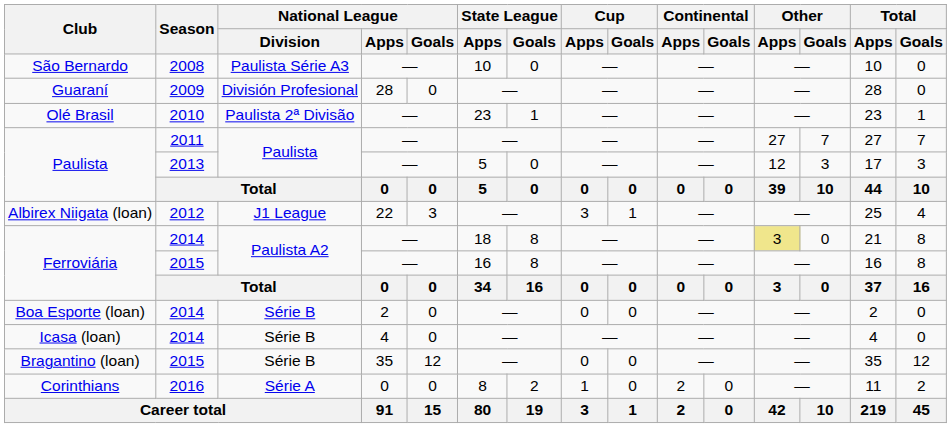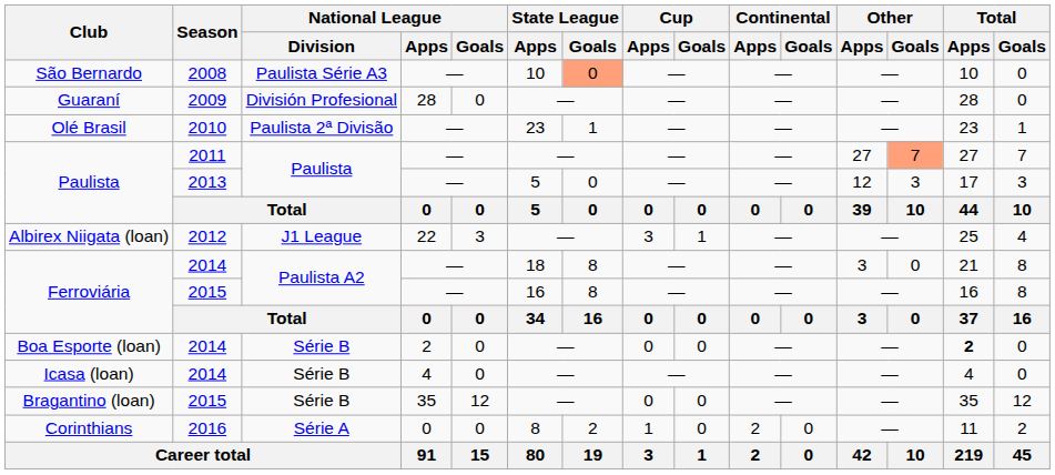 <table class="wikitable" style="text-align: center;">
 <tr>
 <th rowspan="2">Club</th>
 <th rowspan="2">Season</th>
 <th colspan="3">National League</th>
 <th colspan="2">State League</th>
 <th colspan="2">Cup</th>
 <th colspan="2">Continental</th>
 <th colspan="2">Other</th>
 <th colspan="2">Total</th>
 </tr>
 <tr>
 <th>Division</th>
 <th>Apps</th>
 <th>Goals</th>
 <th>Apps</th>
 <th>Goals</th>
 <th>Apps</th>
 <th>Goals</th>
 <th>Apps</th>
 <th>Goals</th>
 <th>Apps</th>
 <th>Goals</th>
 <th>Apps</th>
 <th>Goals</th>
 </tr>
 <tr>
 <td><a href='#'>São Bernardo</a></td>
 <td><a href='#'>2008</a></td>
 <td><a href='#'>Paulista Série A3</a></td>
 <td colspan="2">—</td>
 <td>10</td>
-<td>0</td>
+<td style="background: lightsalmon;">0</td>
 <td colspan="2">—</td>
 <td colspan="2">—</td>
 <td colspan="2">—</td>
 <td>10</td>
 <td>0</td>
 </tr>
 <tr>
 <td><a href='#'>Guaraní</a></td>
 <td><a href='#'>2009</a></td>
 <td><a href='#'>División Profesional</a></td>
 <td>28</td>
 <td>0</td>
 <td colspan="2">—</td>
 <td colspan="2">—</td>
 <td colspan="2">—</td>
 <td colspan="2">—</td>
 <td>28</td>
 <td>0</td>
 </tr>
 <tr>
 <td><a href='#'>Olé Brasil</a></td>
 <td><a href='#'>2010</a></td>
 <td><a href='#'>Paulista 2ª Divisão</a></td>
 <td colspan="2">—</td>
 <td>23</td>
 <td>1</td>
 <td colspan="2">—</td>
 <td colspan="2">—</td>
 <td colspan="2">—</td>
 <td>23</td>
 <td>1</td>
 </tr>
 <tr>
 <td rowspan="3"><a href='#'>Paulista</a></td>
 <td><a href='#'>2011</a></td>
 <td rowspan="2"><a href='#'>Paulista</a></td>
 <td colspan="2">—</td>
 <td colspan="2">—</td>
 <td colspan="2">—</td>
 <td colspan="2">—</td>
 <td>27</td>
-<td>7</td>
+<td style="background: lightsalmon;">7</td>
 <td>27</td>
 <td>7</td>
 </tr>
 <tr>
 <td><a href='#'>2013</a></td>
 <td colspan="2">—</td>
 <td>5</td>
 <td>0</td>
 <td colspan="2">—</td>
 <td colspan="2">—</td>
 <td>12</td>
 <td>3</td>
 <td>17</td>
 <td>3</td>
 </tr>
 <tr>
 <th colspan="2">Total</th>
 <th>0</th>
 <th>0</th>
 <th>5</th>
 <th>0</th>
 <th>0</th>
 <th>0</th>
 <th>0</th>
 <th>0</th>
 <th>39</th>
 <th>10</th>
 <th>44</th>
 <th>10</th>
 </tr>
 <tr>
 <td><a href='#'>Albirex Niigata</a> (loan)</td>
 <td><a href='#'>2012</a></td>
 <td><a href='#'>J1 League</a></td>
 <td>22</td>
 <td>3</td>
 <td colspan="2">—</td>
 <td>3</td>
 <td>1</td>
 <td colspan="2">—</td>
 <td colspan="2">—</td>
 <td>25</td>
 <td>4</td>
 </tr>
 <tr>
 <td rowspan="3"><a href='#'>Ferroviária</a></td>
 <td><a href='#'>2014</a></td>
 <td rowspan="2"><a href='#'>Paulista A2</a></td>
 <td colspan="2">—</td>
 <td>18</td>
 <td>8</td>
 <td colspan="2">—</td>
 <td colspan="2">—</td>
-<td style="background: khaki;">3</td>
+<td>3</td>
 <td>0</td>
 <td>21</td>
 <td>8</td>
 </tr>
 <tr>
 <td><a href='#'>2015</a></td>
 <td colspan="2">—</td>
 <td>16</td>
 <td>8</td>
 <td colspan="2">—</td>
 <td colspan="2">—</td>
 <td colspan="2">—</td>
 <td>16</td>
 <td>8</td>
 </tr>
 <tr>
 <th colspan="2">Total</th>
 <th>0</th>
 <th>0</th>
 <th>34</th>
 <th>16</th>
 <th>0</th>
 <th>0</th>
 <th>0</th>
 <th>0</th>
 <th>3</th>
 <th>0</th>
 <th>37</th>
 <th>16</th>
 </tr>
 <tr>
 <td><a href='#'>Boa Esporte</a> (loan)</td>
 <td><a href='#'>2014</a></td>
 <td><a href='#'>Série B</a></td>
 <td>2</td>
 <td>0</td>
 <td colspan="2">—</td>
 <td>0</td>
 <td>0</td>
 <td colspan="2">—</td>
 <td colspan="2">—</td>
-<td>2</td>
+<td><strong>2</strong></td>
 <td>0</td>
 </tr>
 <tr>
 <td><a href='#'>Icasa</a> (loan)</td>
 <td><a href='#'>2014</a></td>
 <td>Série B</td>
 <td>4</td>
 <td>0</td>
 <td colspan="2">—</td>
 <td colspan="2">—</td>
 <td colspan="2">—</td>
 <td colspan="2">—</td>
 <td>4</td>
 <td>0</td>
 </tr>
 <tr>
 <td><a href='#'>Bragantino</a> (loan)</td>
 <td><a href='#'>2015</a></td>
 <td>Série B</td>
 <td>35</td>
 <td>12</td>
 <td colspan="2">—</td>
 <td>0</td>
 <td>0</td>
 <td colspan="2">—</td>
 <td colspan="2">—</td>
 <td>35</td>
 <td>12</td>
 </tr>
 <tr>
 <td><a href='#'>Corinthians</a></td>
 <td><a href='#'>2016</a></td>
 <td><a href='#'>Série A</a></td>
 <td>0</td>
 <td>0</td>
 <td>8</td>
 <td>2</td>
 <td>1</td>
 <td>0</td>
 <td>2</td>
 <td>0</td>
 <td colspan="2">—</td>
 <td>11</td>
 <td>2</td>
 </tr>
 <tr>
 <th colspan="3"><strong>Career total</strong></th>
 <th>91</th>
 <th>15</th>
 <th>80</th>
 <th>19</th>
 <th>3</th>
 <th>1</th>
 <th>2</th>
 <th>0</th>
 <th>42</th>
 <th>10</th>
 <th>219</th>
 <th>45</th>
 </tr>
 </table>
